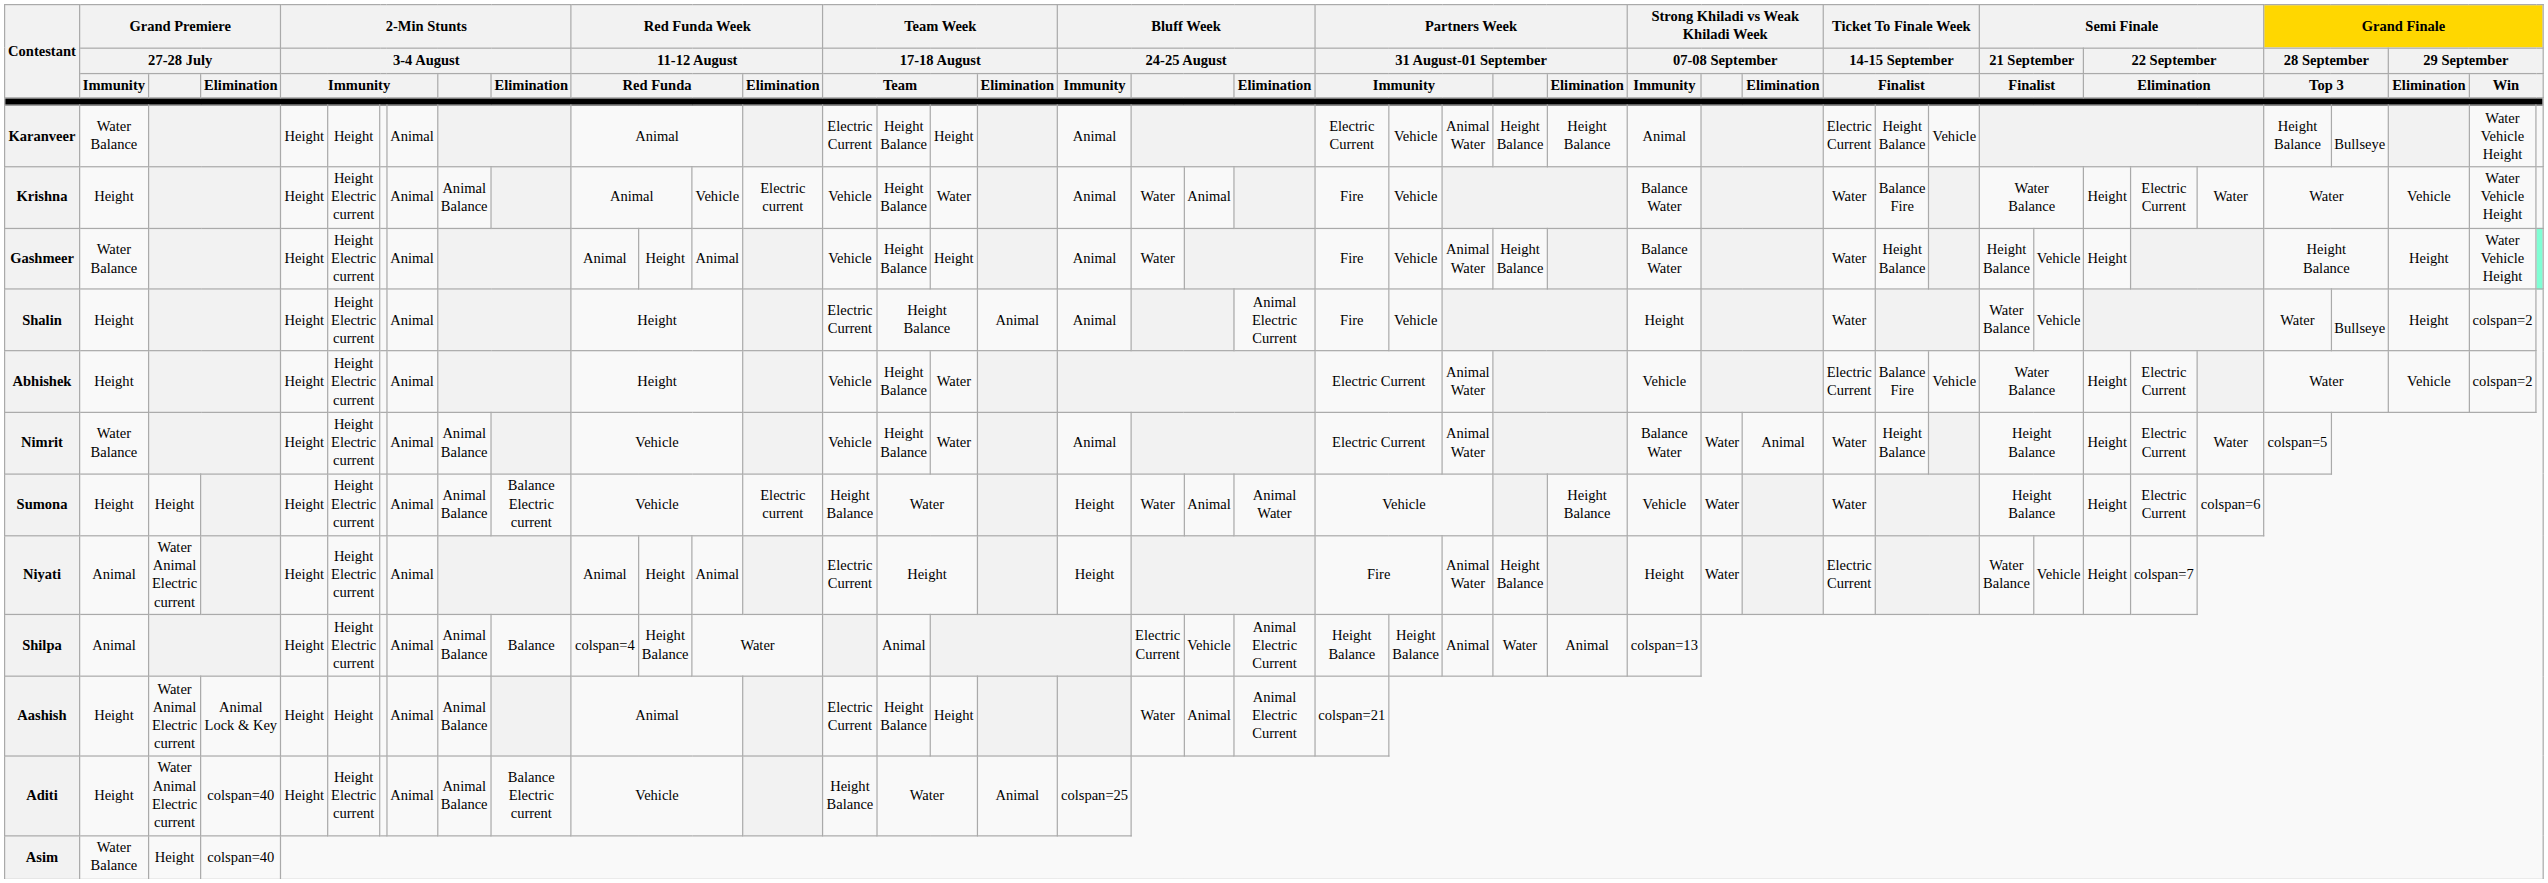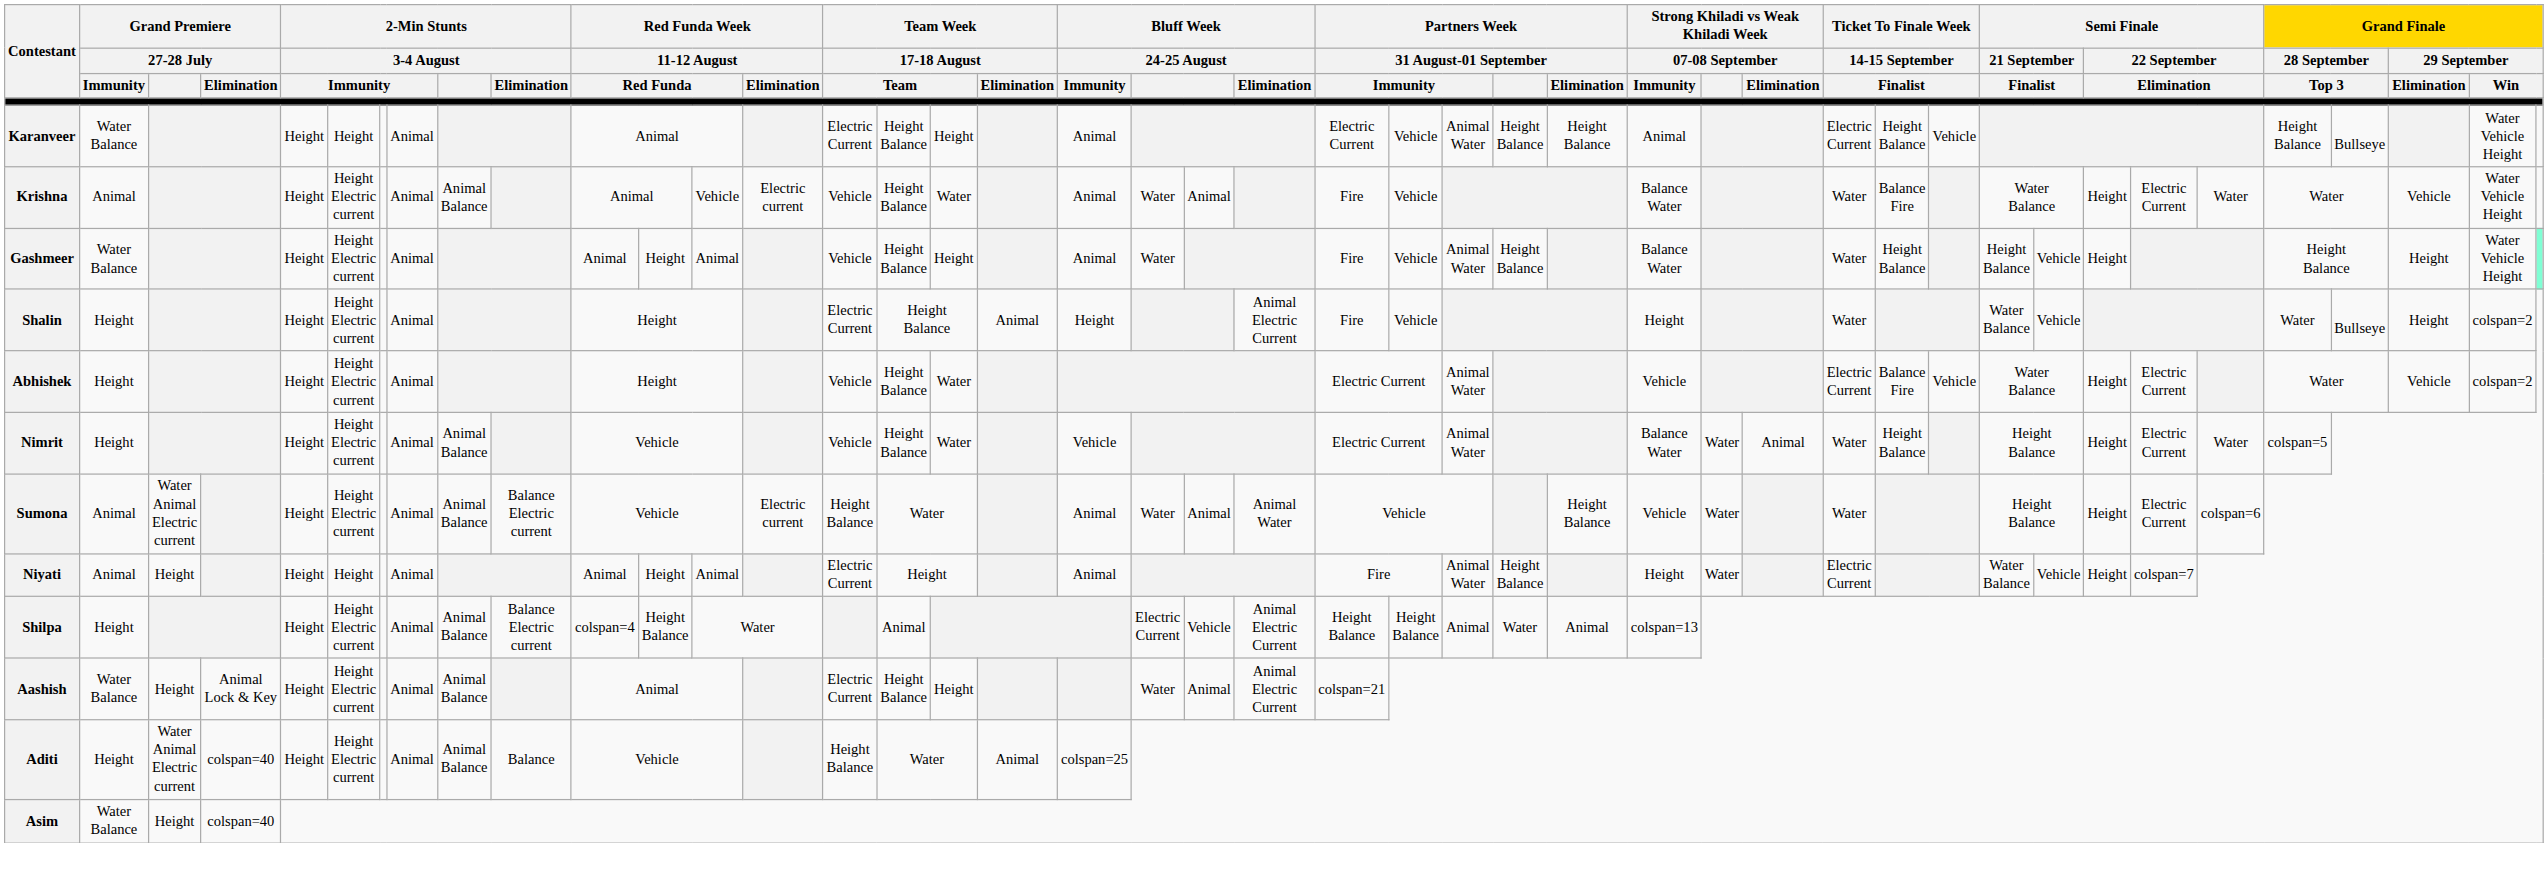 <table class="wikitable" style="text-align:center; font-size:75%; line-height:15px; width:100%">
 <tr>
 <th rowspan="3">Contestant</th>
 <th colspan="3">Grand Premiere</th>
 <th colspan="6">2-Min Stunts</th>
 <th colspan="4">Red Funda Week</th>
 <th colspan="4">Team  Week</th>
 <th colspan="4">Bluff Week</th>
 <th colspan="5">Partners Week</th>
 <th colspan="3">Strong Khiladi vs Weak Khiladi Week</th>
 <th colspan="3">Ticket To Finale Week</th>
 <th colspan="5">Semi Finale</th>
 <th colspan="5" style="background:gold;">Grand Finale</th>
 </tr>
 <tr>
 <th colspan="3">27-28 July</th>
 <th colspan="6">3-4 August</th>
 <th colspan="4">11-12 August</th>
 <th colspan="4">17-18 August</th>
 <th colspan="4">24-25 August</th>
 <th colspan="5">31 August-01 September</th>
 <th colspan="3">07-08 September</th>
 <th colspan="3">14-15 September</th>
 <th colspan="2">21 September</th>
 <th colspan="3">22 September</th>
 <th colspan="2">28 September</th>
 <th colspan="3">29 September</th>
 </tr>
 <tr>
 <th>Immunity</th>
 <th></th>
 <th>Elimination</th>
 <th colspan="4">Immunity</th>
 <th></th>
 <th>Elimination</th>
 <th colspan="3">Red Funda</th>
 <th>Elimination</th>
 <th colspan="3">Team</th>
 <th>Elimination</th>
 <th>Immunity</th>
 <th colspan="2"></th>
 <th>Elimination</th>
 <th colspan="3">Immunity</th>
 <th></th>
 <th>Elimination</th>
 <th>Immunity</th>
 <th></th>
 <th>Elimination</th>
 <th colspan="3">Finalist</th>
 <th colspan="2">Finalist</th>
 <th colspan="3">Elimination</th>
 <th colspan="2">Top 3</th>
 <th>Elimination</th>
 <th colspan="2">Win</th>
 </tr>
 <tr>
 <th colspan="43" style="background:#000"></th>
 </tr>
 <tr>
 <th>Karanveer</th>
 <td>Water<br>Balance</td>
 <th colspan=2></th>
 <td>Height</td>
 <td>Height<br></td>
 <td></td>
 <td>Animal</td>
 <th colspan=2></th>
 <td colspan=3>Animal</td>
 <th></th>
 <td>Electric Current</td>
 <td>Height<br>Balance</td>
 <td>Height</td>
 <th></th>
 <td>Animal</td>
 <th colspan=3></th>
 <td>Electric Current</td>
 <td>Vehicle</td>
 <td>Animal<br>Water</td>
 <td>Height<br>Balance</td>
 <td>Height<br>Balance</td>
 <td>Animal</td>
 <th colspan=2></th>
 <td>Electric Current</td>
 <td>Height<br>Balance</td>
 <td>Vehicle</td>
 <th colspan=5></th>
 <td>Height<br>Balance</td>
 <td><br>Bullseye</td>
 <th></th>
 <td>Water<br>Vehicle<br>Height</td>
 <td></td>
 </tr>
 <tr>
 <th>Krishna</th>
-<td>Height</td>
+<td>Animal</td>
 <th colspan=2></th>
 <td>Height</td>
 <td>Height<br>Electric current</td>
 <td></td>
 <td>Animal</td>
 <td>Animal<br>Balance</td>
 <th></th>
 <td colspan="2">Animal</td>
 <td>Vehicle</td>
 <td>Electric current</td>
 <td>Vehicle</td>
 <td>Height<br>Balance</td>
 <td>Water</td>
 <th></th>
 <td>Animal</td>
 <td>Water</td>
 <td>Animal</td>
 <th></th>
 <td>Fire</td>
 <td>Vehicle</td>
 <th colspan=3></th>
 <td>Balance<br>Water</td>
 <th colspan=2></th>
 <td>Water</td>
 <td>Balance<br>Fire</td>
 <th></th>
 <td colspan=2>Water<br>Balance</td>
 <td>Height</td>
 <td>Electric Current</td>
 <td>Water</td>
 <td colspan=2>Water</td>
 <td>Vehicle</td>
 <td>Water<br>Vehicle<br>Height</td>
 <td></td>
 </tr>
 <tr>
 <th>Gashmeer</th>
 <td>Water<br>Balance</td>
 <th colspan=2></th>
 <td>Height</td>
 <td>Height<br>Electric current</td>
 <td></td>
 <td>Animal</td>
 <th colspan=2></th>
 <td>Animal</td>
 <td>Height</td>
 <td>Animal</td>
 <th></th>
 <td>Vehicle</td>
 <td>Height<br>Balance</td>
 <td>Height</td>
 <th></th>
 <td>Animal</td>
 <td>Water</td>
 <th colspan=2></th>
 <td>Fire</td>
 <td>Vehicle</td>
 <td>Animal<br>Water</td>
 <td>Height<br>Balance</td>
 <th></th>
 <td>Balance<br>Water</td>
 <th colspan=2></th>
 <td>Water</td>
 <td>Height<br>Balance</td>
 <th></th>
 <td>Height<br>Balance</td>
 <td>Vehicle</td>
 <td>Height</td>
 <th colspan=2></th>
 <td colspan=2>Height<br>Balance</td>
 <td>Height</td>
 <td>Water<br>Vehicle<br>Height</td>
 <td style="background:#7FFFD4;"></td>
 </tr>
 <tr>
 <th>Shalin</th>
 <td>Height</td>
 <th colspan=2></th>
 <td>Height</td>
 <td>Height<br>Electric current</td>
 <td></td>
 <td>Animal</td>
 <th colspan=2></th>
 <td colspan=3>Height</td>
 <th></th>
 <td>Electric Current</td>
 <td colspan=2>Height<br>Balance</td>
 <td>Animal</td>
-<td>Animal</td>
+<td>Height</td>
 <th colspan=2></th>
 <td>Animal<br>Electric Current</td>
 <td>Fire</td>
 <td>Vehicle</td>
 <th colspan=3></th>
 <td>Height</td>
 <th colspan=2></th>
 <td>Water</td>
 <th colspan=2></th>
 <td>Water<br>Balance</td>
 <td>Vehicle</td>
 <th colspan=3></th>
 <td>Water</td>
 <td><br>Bullseye</td>
 <td>Height</td>
 <td>colspan=2 </td>
 </tr>
 <tr>
 <th>Abhishek</th>
 <td>Height</td>
 <th colspan=2></th>
 <td>Height</td>
 <td>Height<br>Electric current</td>
 <td></td>
 <td>Animal</td>
 <th colspan=2></th>
 <td colspan=3>Height</td>
 <th></th>
 <td>Vehicle</td>
 <td>Height<br>Balance</td>
 <td>Water</td>
 <th></th>
 <th colspan=4></th>
 <td colspan=2>Electric Current</td>
 <td>Animal<br>Water</td>
 <th colspan=2></th>
 <td>Vehicle</td>
 <th colspan=2></th>
 <td>Electric Current</td>
 <td>Balance<br>Fire</td>
 <td>Vehicle</td>
 <td colspan=2>Water<br>Balance</td>
 <td>Height</td>
 <td>Electric Current</td>
 <th></th>
 <td colspan=2>Water</td>
 <td>Vehicle</td>
 <td>colspan=2 </td>
 </tr>
 <tr>
 <th>Nimrit</th>
-<td>Water<br>Balance</td>
+<td>Height</td>
 <th colspan=2></th>
 <td>Height</td>
 <td>Height<br>Electric current</td>
 <td></td>
 <td>Animal</td>
 <td>Animal<br>Balance</td>
 <th></th>
 <td colspan=3>Vehicle</td>
 <th></th>
 <td>Vehicle</td>
 <td>Height<br>Balance</td>
 <td>Water</td>
 <th></th>
-<td>Animal</td>
+<td>Vehicle</td>
 <th colspan=3></th>
 <td colspan=2>Electric Current</td>
 <td>Animal<br>Water</td>
 <th colspan=2></th>
 <td>Balance<br>Water</td>
 <td>Water</td>
 <td>Animal</td>
 <td>Water</td>
 <td>Height<br>Balance</td>
 <th></th>
 <td colspan=2>Height<br>Balance</td>
 <td>Height</td>
 <td>Electric Current</td>
 <td>Water</td>
 <td>colspan=5 </td>
 </tr>
 <tr>
 <th>Sumona</th>
-<td>Height</td>
-<td>Height</td>
+<td>Animal</td>
+<td>Water<br>Animal<br>Electric current</td>
 <th></th>
 <td>Height</td>
 <td>Height<br>Electric current</td>
 <td></td>
 <td>Animal</td>
 <td>Animal<br>Balance</td>
 <td>Balance<br>Electric current</td>
 <td colspan=3>Vehicle</td>
 <td>Electric current</td>
 <td>Height<br>Balance</td>
 <td colspan=2>Water</td>
 <th></th>
-<td>Height</td>
+<td>Animal</td>
 <td>Water</td>
 <td>Animal</td>
 <td>Animal<br>Water</td>
 <td colspan=3>Vehicle</td>
 <th></th>
 <td>Height<br>Balance</td>
 <td>Vehicle</td>
 <td>Water</td>
 <th></th>
 <td>Water</td>
 <th colspan=2></th>
 <td colspan=2>Height<br>Balance</td>
 <td>Height</td>
 <td>Electric Current</td>
 <td>colspan=6 </td>
 </tr>
 <tr>
 <th>Niyati</th>
 <td>Animal</td>
-<td>Water<br>Animal<br>Electric current</td>
+<td>Height</td>
 <th></th>
 <td>Height</td>
-<td>Height<br>Electric current</td>
+<td>Height<br></td>
 <td></td>
 <td>Animal</td>
 <th colspan=2></th>
 <td>Animal</td>
 <td>Height</td>
 <td>Animal</td>
 <th></th>
 <td>Electric Current</td>
 <td colspan=2>Height</td>
 <th></th>
-<td>Height</td>
+<td>Animal</td>
 <th colspan=3></th>
 <td colspan=2>Fire</td>
 <td>Animal<br>Water</td>
 <td>Height<br>Balance</td>
 <th></th>
 <td>Height</td>
 <td>Water</td>
 <th></th>
 <td>Electric Current</td>
 <th colspan=2></th>
 <td>Water<br>Balance</td>
 <td>Vehicle</td>
 <td>Height</td>
 <td>colspan=7 </td>
 </tr>
 <tr>
 <th>Shilpa</th>
-<td>Animal</td>
+<td>Height</td>
 <th colspan=2></th>
 <td>Height</td>
 <td>Height<br>Electric current</td>
 <td></td>
 <td>Animal</td>
 <td>Animal<br>Balance</td>
-<td>Balance<br></td>
+<td>Balance<br>Electric current</td>
 <td>colspan=4 </td>
 <td>Height<br>Balance</td>
 <td colspan=2>Water</td>
 <th></th>
 <td>Animal</td>
 <th colspan=3></th>
 <td>Electric Current</td>
 <td>Vehicle</td>
 <td>Animal<br>Electric Current</td>
 <td>Height<br>Balance</td>
 <td>Height<br>Balance</td>
 <td>Animal</td>
 <td>Water</td>
 <td>Animal</td>
 <td>colspan=13 </td>
 </tr>
 <tr>
 <th>Aashish</th>
+<td>Water<br>Balance</td>
 <td>Height</td>
-<td>Water<br>Animal<br>Electric current</td>
 <td>Animal<br>Lock & Key</td>
 <td>Height</td>
-<td>Height<br></td>
+<td>Height<br>Electric current</td>
 <td></td>
 <td>Animal</td>
 <td>Animal<br>Balance</td>
 <th></th>
 <td colspan=3>Animal</td>
 <th></th>
 <td>Electric Current</td>
 <td>Height<br>Balance</td>
 <td>Height</td>
 <th></th>
 <th></th>
 <td>Water</td>
 <td>Animal</td>
 <td>Animal<br>Electric Current</td>
 <td>colspan=21 </td>
 </tr>
 <tr>
 <th>Aditi</th>
 <td>Height</td>
 <td>Water<br>Animal<br>Electric current</td>
 <td>colspan=40 </td>
 <td>Height</td>
 <td>Height<br>Electric current</td>
 <td></td>
 <td>Animal</td>
 <td>Animal<br>Balance</td>
-<td>Balance<br>Electric current</td>
+<td>Balance<br></td>
 <td colspan=3>Vehicle</td>
 <th></th>
 <td>Height<br>Balance</td>
 <td colspan=2>Water</td>
 <td>Animal</td>
 <td>colspan=25 </td>
 </tr>
 <tr>
 <th>Asim</th>
 <td>Water<br>Balance</td>
 <td>Height</td>
 <td>colspan=40 </td>
 </tr>
 </table>
